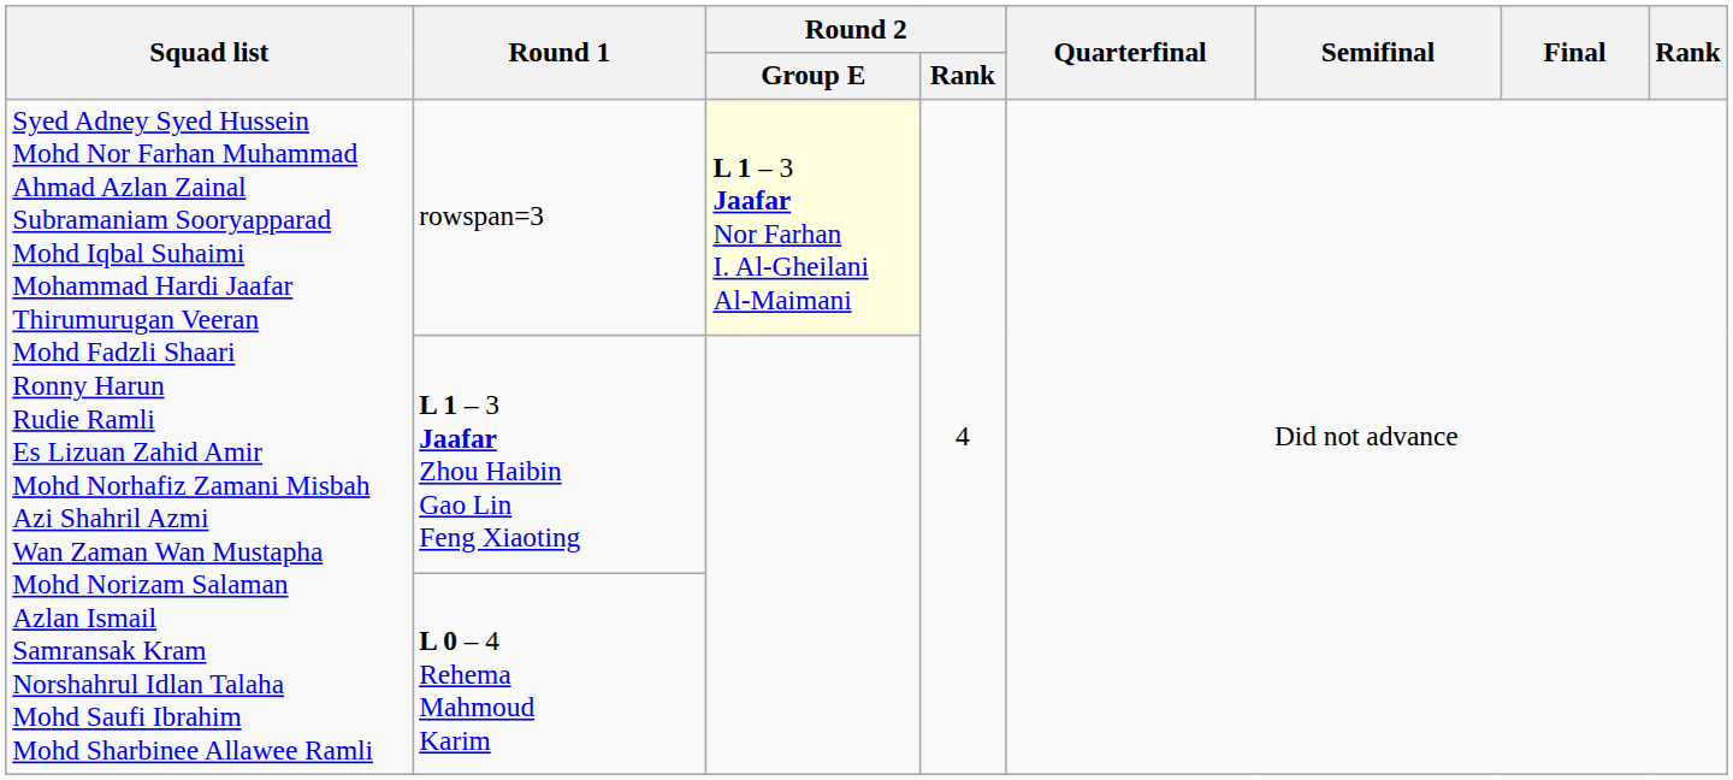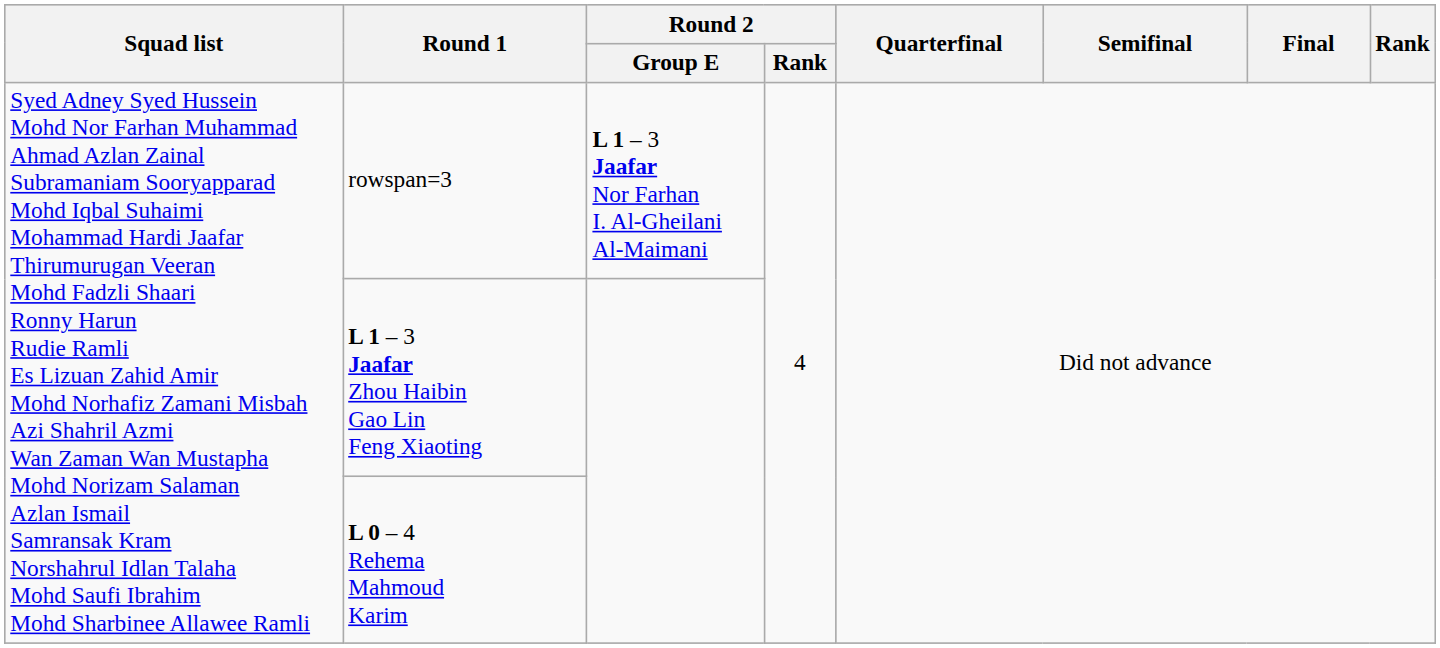 <table class=wikitable width=100% style="text-align:left; font-size:90%">
 <tr>
 <th rowspan=2 width=25%>Squad list</th>
 <th rowspan=2 width=18%>Round 1</th>
 <th colspan=2 width=18%>Round 2</th>
 <th rowspan=2 width=15%>Quarterfinal</th>
 <th rowspan=2 width=15%>Semifinal</th>
 <th rowspan=2 width=15%>Final</th>
 <th rowspan=2 width=5%>Rank</th>
 </tr>
 <tr>
 <th width=13%>Group E</th>
 <th width=5%>Rank</th>
 </tr>
 <tr>
 <td rowspan=3><a href='#'>Syed Adney Syed Hussein</a><br><a href='#'>Mohd Nor Farhan Muhammad</a><br><a href='#'>Ahmad Azlan Zainal</a><br><a href='#'>Subramaniam Sooryapparad</a><br><a href='#'>Mohd Iqbal Suhaimi</a><br><a href='#'>Mohammad Hardi Jaafar</a><br><a href='#'>Thirumurugan Veeran</a><br><a href='#'>Mohd Fadzli Shaari</a><br><a href='#'>Ronny Harun</a><br><a href='#'>Rudie Ramli</a><br><a href='#'>Es Lizuan Zahid Amir</a><br><a href='#'>Mohd Norhafiz Zamani Misbah</a><br><a href='#'>Azi Shahril Azmi</a><br><a href='#'>Wan Zaman Wan Mustapha</a><br><a href='#'>Mohd Norizam Salaman</a><br><a href='#'>Azlan Ismail</a><br><a href='#'>Samransak Kram</a><br><a href='#'>Norshahrul Idlan Talaha</a><br><a href='#'>Mohd Saufi Ibrahim</a><br><a href='#'>Mohd Sharbinee Allawee Ramli</a></td>
 <td>rowspan=3 </td>
-<td style="background: lightyellow;"><br><strong>L 1</strong> – 3<br><strong><a href='#'>Jaafar</a> </strong><br><a href='#'>Nor Farhan</a> <br><a href='#'>I. Al-Gheilani</a> <br><a href='#'>Al-Maimani</a> </td>
+<td><br><strong>L 1</strong> – 3<br><strong><a href='#'>Jaafar</a> </strong><br><a href='#'>Nor Farhan</a> <br><a href='#'>I. Al-Gheilani</a> <br><a href='#'>Al-Maimani</a> </td>
 <td rowspan=3 align=center>4</td>
 <td rowspan=3 colspan=4 align=center>Did not advance</td>
 </tr>
 <tr>
 <td><br><strong>L 1</strong> – 3<br><strong><a href='#'>Jaafar</a> </strong><br><a href='#'>Zhou Haibin</a> <br><a href='#'>Gao Lin</a> <br><a href='#'>Feng Xiaoting</a> </td>
 </tr>
 <tr>
 <td><br><strong>L 0</strong> – 4<br><a href='#'>Rehema</a> <br><a href='#'>Mahmoud</a> <br><a href='#'>Karim</a> </td>
 </tr>
 </table>
